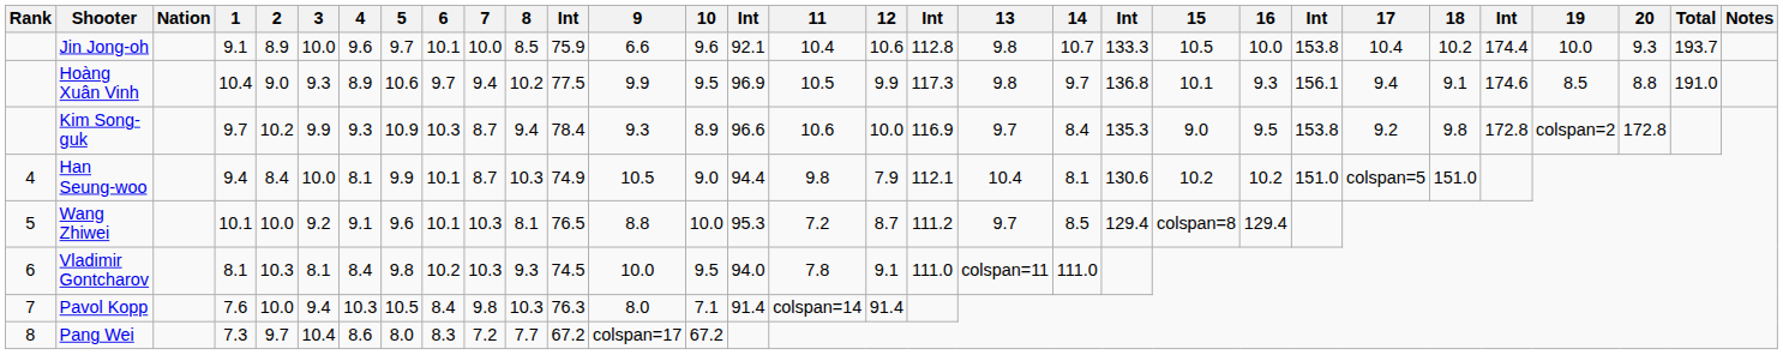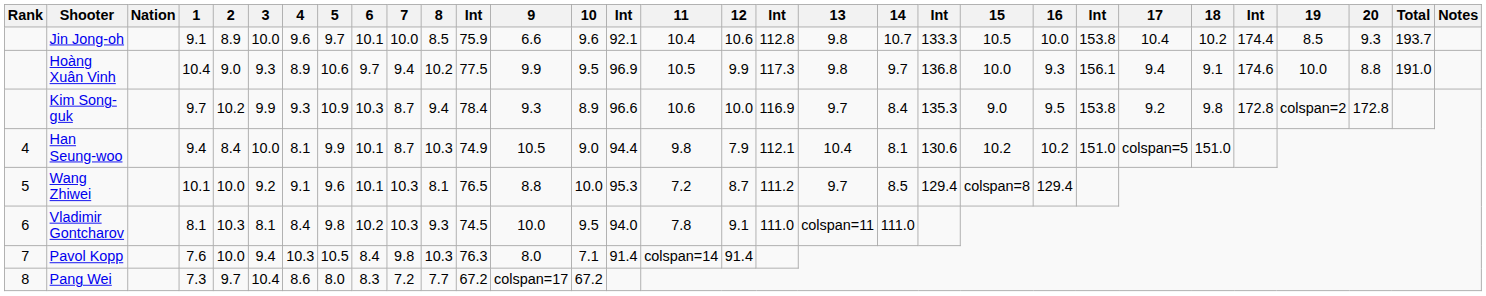 <table class="wikitable sortable" style="text-align:center">
 <tr>
 <th>Rank</th>
 <th>Shooter</th>
 <th>Nation</th>
 <th>1</th>
 <th>2</th>
 <th>3</th>
 <th>4</th>
 <th>5</th>
 <th>6</th>
 <th>7</th>
 <th>8</th>
 <th>Int</th>
 <th>9</th>
 <th>10</th>
 <th>Int</th>
 <th>11</th>
 <th>12</th>
 <th>Int</th>
 <th>13</th>
 <th>14</th>
 <th>Int</th>
 <th>15</th>
 <th>16</th>
 <th>Int</th>
 <th>17</th>
 <th>18</th>
 <th>Int</th>
 <th>19</th>
 <th>20</th>
 <th>Total</th>
 <th>Notes</th>
 </tr>
 <tr>
 <td></td>
 <td align=left><a href='#'>Jin Jong-oh</a></td>
 <td align=left></td>
 <td>9.1</td>
 <td>8.9</td>
 <td>10.0</td>
 <td>9.6</td>
 <td>9.7</td>
 <td>10.1</td>
 <td>10.0</td>
 <td>8.5</td>
 <td>75.9</td>
 <td>6.6</td>
 <td>9.6</td>
 <td>92.1</td>
 <td>10.4</td>
 <td>10.6</td>
 <td>112.8</td>
 <td>9.8</td>
 <td>10.7</td>
 <td>133.3</td>
 <td>10.5</td>
 <td>10.0</td>
 <td>153.8</td>
 <td>10.4</td>
 <td>10.2</td>
 <td>174.4</td>
-<td>10.0</td>
+<td>8.5</td>
 <td>9.3</td>
 <td>193.7</td>
 <td></td>
 </tr>
 <tr>
 <td></td>
 <td align=left><a href='#'>Hoàng Xuân Vinh</a></td>
 <td align=left></td>
 <td>10.4</td>
 <td>9.0</td>
 <td>9.3</td>
 <td>8.9</td>
 <td>10.6</td>
 <td>9.7</td>
 <td>9.4</td>
 <td>10.2</td>
 <td>77.5</td>
 <td>9.9</td>
 <td>9.5</td>
 <td>96.9</td>
 <td>10.5</td>
 <td>9.9</td>
 <td>117.3</td>
 <td>9.8</td>
 <td>9.7</td>
 <td>136.8</td>
-<td>10.1</td>
+<td>10.0</td>
 <td>9.3</td>
 <td>156.1</td>
 <td>9.4</td>
 <td>9.1</td>
 <td>174.6</td>
-<td>8.5</td>
+<td>10.0</td>
 <td>8.8</td>
 <td>191.0</td>
 <td></td>
 </tr>
 <tr>
 <td></td>
 <td align=left><a href='#'>Kim Song-guk</a></td>
 <td align=left></td>
 <td>9.7</td>
 <td>10.2</td>
 <td>9.9</td>
 <td>9.3</td>
 <td>10.9</td>
 <td>10.3</td>
 <td>8.7</td>
 <td>9.4</td>
 <td>78.4</td>
 <td>9.3</td>
 <td>8.9</td>
 <td>96.6</td>
 <td>10.6</td>
 <td>10.0</td>
 <td>116.9</td>
 <td>9.7</td>
 <td>8.4</td>
 <td>135.3</td>
 <td>9.0</td>
 <td>9.5</td>
 <td>153.8</td>
 <td>9.2</td>
 <td>9.8</td>
 <td>172.8</td>
 <td>colspan=2 </td>
 <td>172.8</td>
 <td></td>
 </tr>
 <tr>
 <td>4</td>
 <td align=left><a href='#'>Han Seung-woo</a></td>
 <td align=left></td>
 <td>9.4</td>
 <td>8.4</td>
 <td>10.0</td>
 <td>8.1</td>
 <td>9.9</td>
 <td>10.1</td>
 <td>8.7</td>
 <td>10.3</td>
 <td>74.9</td>
 <td>10.5</td>
 <td>9.0</td>
 <td>94.4</td>
 <td>9.8</td>
 <td>7.9</td>
 <td>112.1</td>
 <td>10.4</td>
 <td>8.1</td>
 <td>130.6</td>
 <td>10.2</td>
 <td>10.2</td>
 <td>151.0</td>
 <td>colspan=5 </td>
 <td>151.0</td>
 <td></td>
 </tr>
 <tr>
 <td>5</td>
 <td align=left><a href='#'>Wang Zhiwei</a></td>
 <td align=left></td>
 <td>10.1</td>
 <td>10.0</td>
 <td>9.2</td>
 <td>9.1</td>
 <td>9.6</td>
 <td>10.1</td>
 <td>10.3</td>
 <td>8.1</td>
 <td>76.5</td>
 <td>8.8</td>
 <td>10.0</td>
 <td>95.3</td>
 <td>7.2</td>
 <td>8.7</td>
 <td>111.2</td>
 <td>9.7</td>
 <td>8.5</td>
 <td>129.4</td>
 <td>colspan=8 </td>
 <td>129.4</td>
 <td></td>
 </tr>
 <tr>
 <td>6</td>
 <td align=left><a href='#'>Vladimir Gontcharov</a></td>
 <td align=left></td>
 <td>8.1</td>
 <td>10.3</td>
 <td>8.1</td>
 <td>8.4</td>
 <td>9.8</td>
 <td>10.2</td>
 <td>10.3</td>
 <td>9.3</td>
 <td>74.5</td>
 <td>10.0</td>
 <td>9.5</td>
 <td>94.0</td>
 <td>7.8</td>
 <td>9.1</td>
 <td>111.0</td>
 <td>colspan=11 </td>
 <td>111.0</td>
 <td></td>
 </tr>
 <tr>
 <td>7</td>
 <td align=left><a href='#'>Pavol Kopp</a></td>
 <td align=left></td>
 <td>7.6</td>
 <td>10.0</td>
 <td>9.4</td>
 <td>10.3</td>
 <td>10.5</td>
 <td>8.4</td>
 <td>9.8</td>
 <td>10.3</td>
 <td>76.3</td>
 <td>8.0</td>
 <td>7.1</td>
 <td>91.4</td>
 <td>colspan=14 </td>
 <td>91.4</td>
 <td></td>
 </tr>
 <tr>
 <td>8</td>
 <td align=left><a href='#'>Pang Wei</a></td>
 <td align=left></td>
 <td>7.3</td>
 <td>9.7</td>
 <td>10.4</td>
 <td>8.6</td>
 <td>8.0</td>
 <td>8.3</td>
 <td>7.2</td>
 <td>7.7</td>
 <td>67.2</td>
 <td>colspan=17 </td>
 <td>67.2</td>
 <td></td>
 </tr>
 </table>
